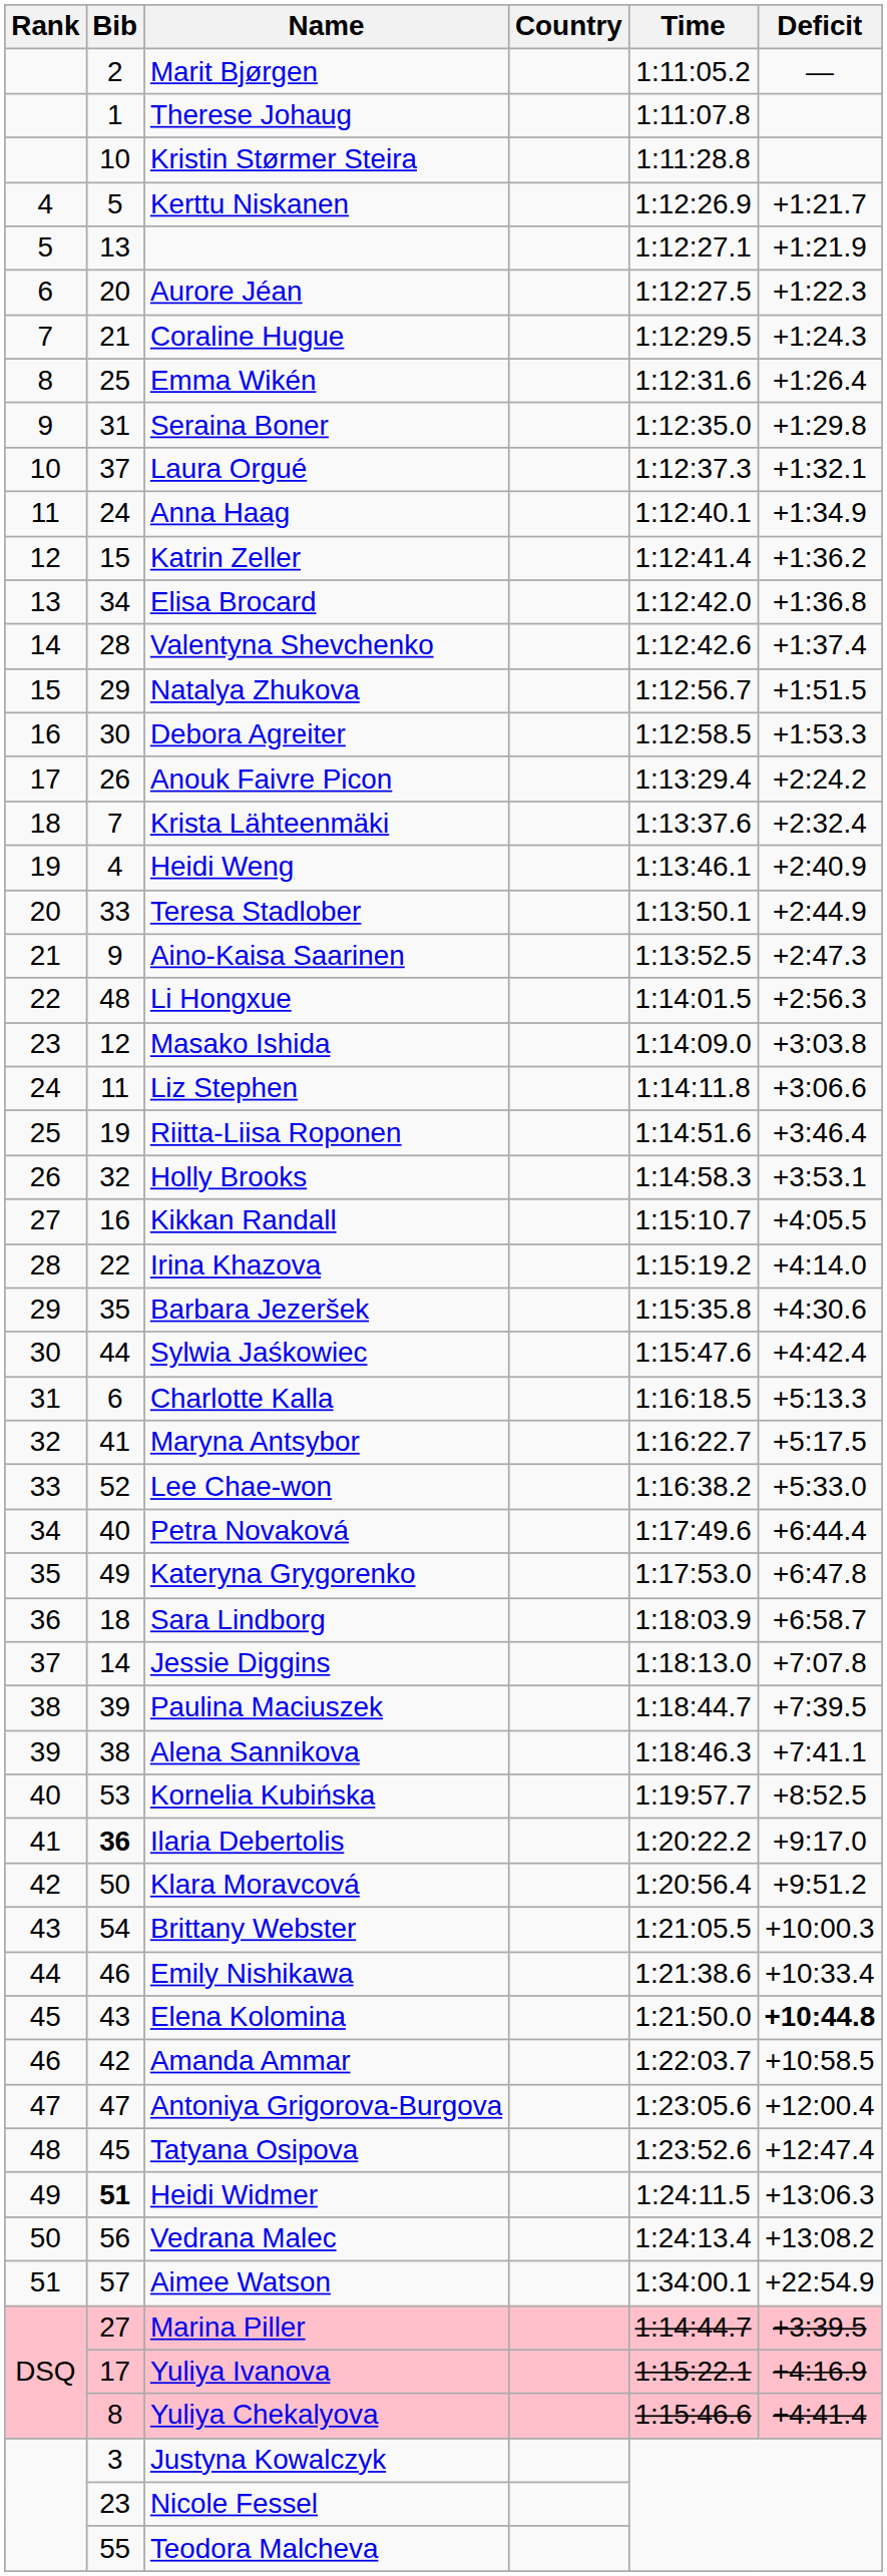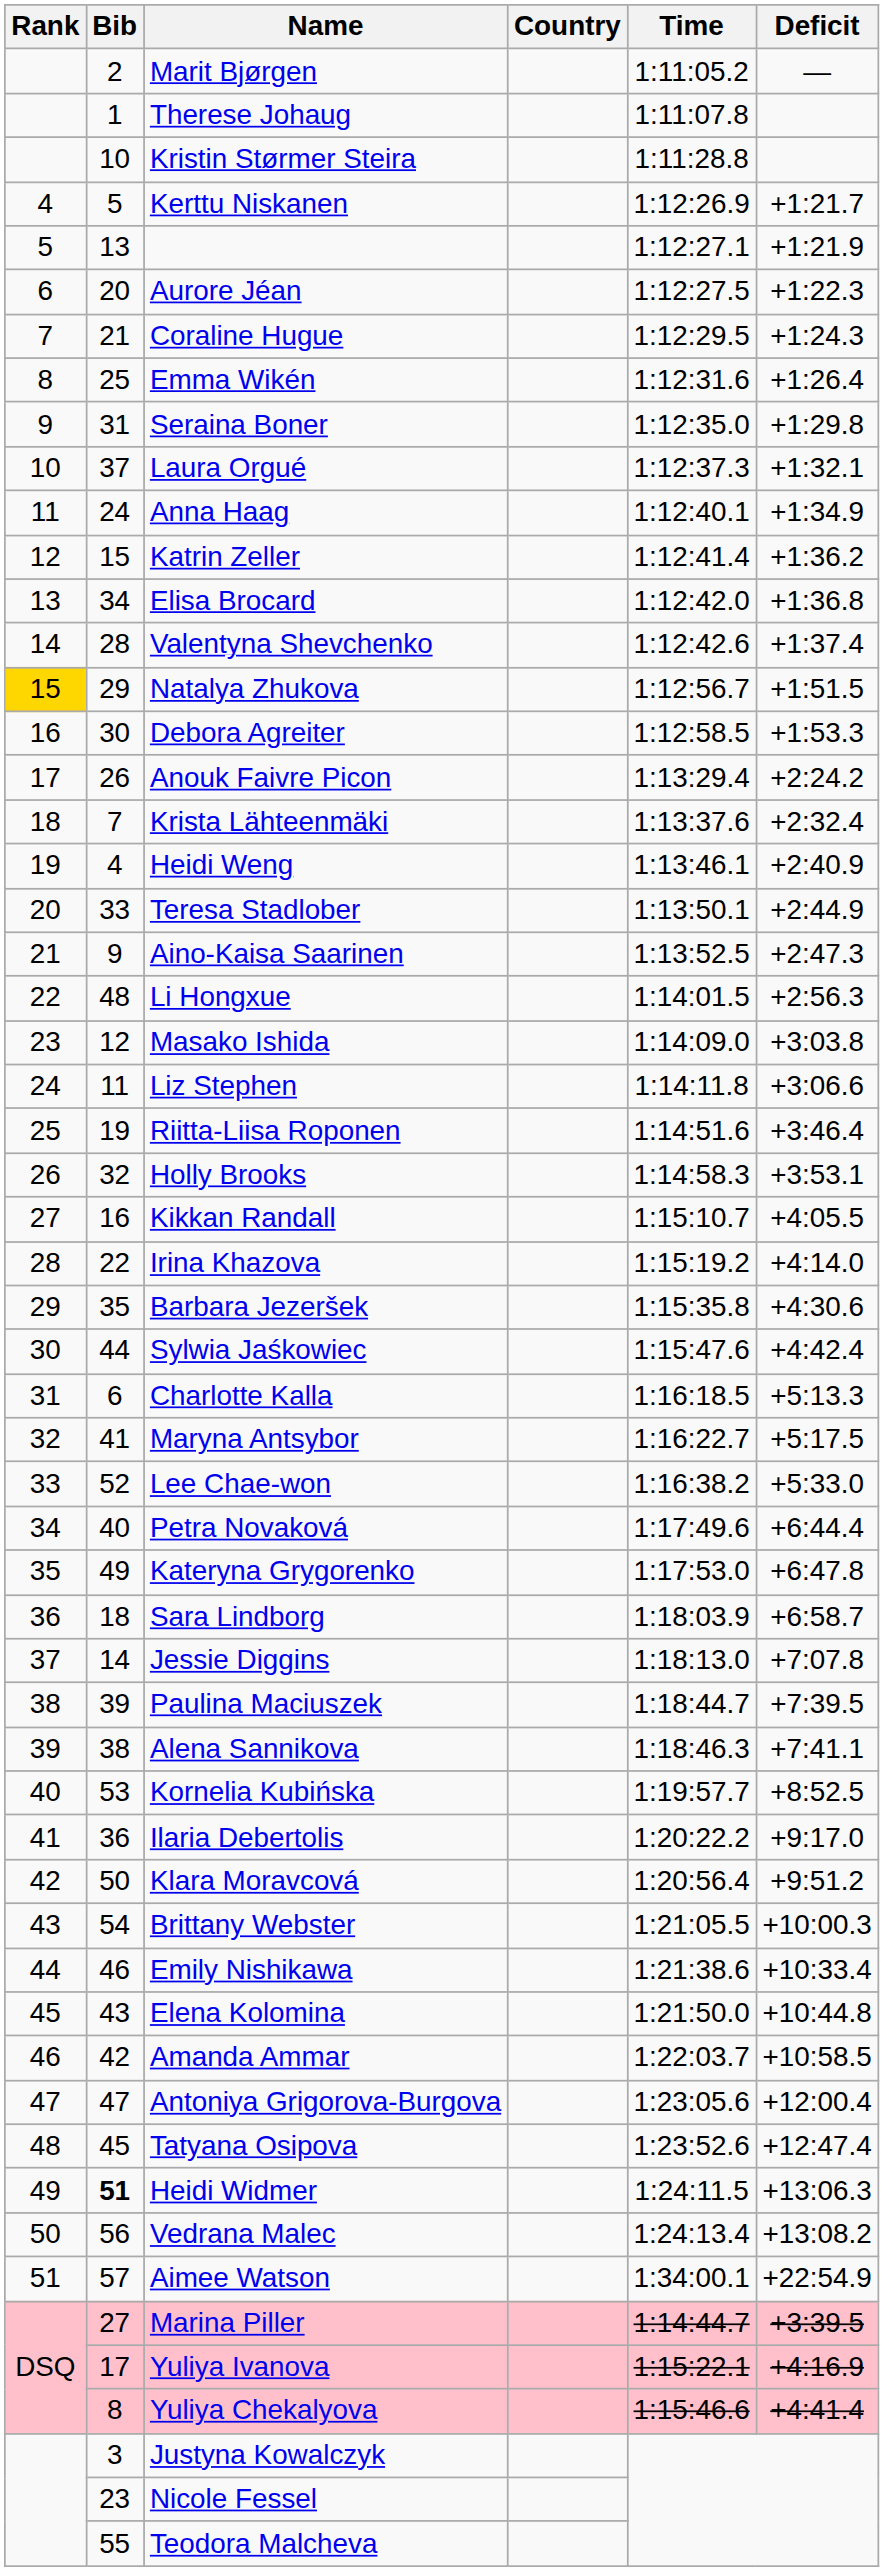 <table class="wikitable sortable" style="text-align:center">
 <tr>
 <th>Rank</th>
 <th>Bib</th>
 <th>Name</th>
 <th>Country</th>
 <th>Time</th>
 <th>Deficit</th>
 </tr>
 <tr>
 <td></td>
 <td>2</td>
 <td align=left><a href='#'>Marit Bjørgen</a></td>
 <td align=left></td>
 <td>1:11:05.2</td>
 <td>—</td>
 </tr>
 <tr>
 <td></td>
 <td>1</td>
 <td align=left><a href='#'>Therese Johaug</a></td>
 <td align=left></td>
 <td>1:11:07.8</td>
 <td></td>
 </tr>
 <tr>
 <td></td>
 <td>10</td>
 <td align=left><a href='#'>Kristin Størmer Steira</a></td>
 <td align=left></td>
 <td>1:11:28.8</td>
 <td></td>
 </tr>
 <tr>
 <td>4</td>
 <td>5</td>
 <td align=left><a href='#'>Kerttu Niskanen</a></td>
 <td align=left></td>
 <td>1:12:26.9</td>
 <td>+1:21.7</td>
 </tr>
 <tr>
 <td>5</td>
 <td>13</td>
 <td align=left></td>
 <td align=left></td>
 <td>1:12:27.1</td>
 <td>+1:21.9</td>
 </tr>
 <tr>
 <td>6</td>
 <td>20</td>
 <td align=left><a href='#'>Aurore Jéan</a></td>
 <td align=left></td>
 <td>1:12:27.5</td>
 <td>+1:22.3</td>
 </tr>
 <tr>
 <td>7</td>
 <td>21</td>
 <td align=left><a href='#'>Coraline Hugue</a></td>
 <td align=left></td>
 <td>1:12:29.5</td>
 <td>+1:24.3</td>
 </tr>
 <tr>
 <td>8</td>
 <td>25</td>
 <td align=left><a href='#'>Emma Wikén</a></td>
 <td align=left></td>
 <td>1:12:31.6</td>
 <td>+1:26.4</td>
 </tr>
 <tr>
 <td>9</td>
 <td>31</td>
 <td align=left><a href='#'>Seraina Boner</a></td>
 <td align=left></td>
 <td>1:12:35.0</td>
 <td>+1:29.8</td>
 </tr>
 <tr>
 <td>10</td>
 <td>37</td>
 <td align=left><a href='#'>Laura Orgué</a></td>
 <td align=left></td>
 <td>1:12:37.3</td>
 <td>+1:32.1</td>
 </tr>
 <tr>
 <td>11</td>
 <td>24</td>
 <td align=left><a href='#'>Anna Haag</a></td>
 <td align=left></td>
 <td>1:12:40.1</td>
 <td>+1:34.9</td>
 </tr>
 <tr>
 <td>12</td>
 <td>15</td>
 <td align=left><a href='#'>Katrin Zeller</a></td>
 <td align=left></td>
 <td>1:12:41.4</td>
 <td>+1:36.2</td>
 </tr>
 <tr>
 <td>13</td>
 <td>34</td>
 <td align=left><a href='#'>Elisa Brocard</a></td>
 <td align=left></td>
 <td>1:12:42.0</td>
 <td>+1:36.8</td>
 </tr>
 <tr>
 <td>14</td>
 <td>28</td>
 <td align=left><a href='#'>Valentyna Shevchenko</a></td>
 <td align=left></td>
 <td>1:12:42.6</td>
 <td>+1:37.4</td>
 </tr>
 <tr>
-<td>15</td>
+<td style="background: gold;">15</td>
 <td>29</td>
 <td align=left><a href='#'>Natalya Zhukova</a></td>
 <td align=left></td>
 <td>1:12:56.7</td>
 <td>+1:51.5</td>
 </tr>
 <tr>
 <td>16</td>
 <td>30</td>
 <td align=left><a href='#'>Debora Agreiter</a></td>
 <td align=left></td>
 <td>1:12:58.5</td>
 <td>+1:53.3</td>
 </tr>
 <tr>
 <td>17</td>
 <td>26</td>
 <td align=left><a href='#'>Anouk Faivre Picon</a></td>
 <td align=left></td>
 <td>1:13:29.4</td>
 <td>+2:24.2</td>
 </tr>
 <tr>
 <td>18</td>
 <td>7</td>
 <td align=left><a href='#'>Krista Lähteenmäki</a></td>
 <td align=left></td>
 <td>1:13:37.6</td>
 <td>+2:32.4</td>
 </tr>
 <tr>
 <td>19</td>
 <td>4</td>
 <td align=left><a href='#'>Heidi Weng</a></td>
 <td align=left></td>
 <td>1:13:46.1</td>
 <td>+2:40.9</td>
 </tr>
 <tr>
 <td>20</td>
 <td>33</td>
 <td align=left><a href='#'>Teresa Stadlober</a></td>
 <td align=left></td>
 <td>1:13:50.1</td>
 <td>+2:44.9</td>
 </tr>
 <tr>
 <td>21</td>
 <td>9</td>
 <td align=left><a href='#'>Aino-Kaisa Saarinen</a></td>
 <td align=left></td>
 <td>1:13:52.5</td>
 <td>+2:47.3</td>
 </tr>
 <tr>
 <td>22</td>
 <td>48</td>
 <td align=left><a href='#'>Li Hongxue</a></td>
 <td align=left></td>
 <td>1:14:01.5</td>
 <td>+2:56.3</td>
 </tr>
 <tr>
 <td>23</td>
 <td>12</td>
 <td align=left><a href='#'>Masako Ishida</a></td>
 <td align=left></td>
 <td>1:14:09.0</td>
 <td>+3:03.8</td>
 </tr>
 <tr>
 <td>24</td>
 <td>11</td>
 <td align=left><a href='#'>Liz Stephen</a></td>
 <td align=left></td>
 <td>1:14:11.8</td>
 <td>+3:06.6</td>
 </tr>
 <tr>
 <td>25</td>
 <td>19</td>
 <td align=left><a href='#'>Riitta-Liisa Roponen</a></td>
 <td align=left></td>
 <td>1:14:51.6</td>
 <td>+3:46.4</td>
 </tr>
 <tr>
 <td>26</td>
 <td>32</td>
 <td align=left><a href='#'>Holly Brooks</a></td>
 <td align=left></td>
 <td>1:14:58.3</td>
 <td>+3:53.1</td>
 </tr>
 <tr>
 <td>27</td>
 <td>16</td>
 <td align=left><a href='#'>Kikkan Randall</a></td>
 <td align=left></td>
 <td>1:15:10.7</td>
 <td>+4:05.5</td>
 </tr>
 <tr>
 <td>28</td>
 <td>22</td>
 <td align=left><a href='#'>Irina Khazova</a></td>
 <td align=left></td>
 <td>1:15:19.2</td>
 <td>+4:14.0</td>
 </tr>
 <tr>
 <td>29</td>
 <td>35</td>
 <td align=left><a href='#'>Barbara Jezeršek</a></td>
 <td align=left></td>
 <td>1:15:35.8</td>
 <td>+4:30.6</td>
 </tr>
 <tr>
 <td>30</td>
 <td>44</td>
 <td align=left><a href='#'>Sylwia Jaśkowiec</a></td>
 <td align=left></td>
 <td>1:15:47.6</td>
 <td>+4:42.4</td>
 </tr>
 <tr>
 <td>31</td>
 <td>6</td>
 <td align=left><a href='#'>Charlotte Kalla</a></td>
 <td align=left></td>
 <td>1:16:18.5</td>
 <td>+5:13.3</td>
 </tr>
 <tr>
 <td>32</td>
 <td>41</td>
 <td align=left><a href='#'>Maryna Antsybor</a></td>
 <td align=left></td>
 <td>1:16:22.7</td>
 <td>+5:17.5</td>
 </tr>
 <tr>
 <td>33</td>
 <td>52</td>
 <td align=left><a href='#'>Lee Chae-won</a></td>
 <td align=left></td>
 <td>1:16:38.2</td>
 <td>+5:33.0</td>
 </tr>
 <tr>
 <td>34</td>
 <td>40</td>
 <td align=left><a href='#'>Petra Novaková</a></td>
 <td align=left></td>
 <td>1:17:49.6</td>
 <td>+6:44.4</td>
 </tr>
 <tr>
 <td>35</td>
 <td>49</td>
 <td align=left><a href='#'>Kateryna Grygorenko</a></td>
 <td align=left></td>
 <td>1:17:53.0</td>
 <td>+6:47.8</td>
 </tr>
 <tr>
 <td>36</td>
 <td>18</td>
 <td align=left><a href='#'>Sara Lindborg</a></td>
 <td align=left></td>
 <td>1:18:03.9</td>
 <td>+6:58.7</td>
 </tr>
 <tr>
 <td>37</td>
 <td>14</td>
 <td align=left><a href='#'>Jessie Diggins</a></td>
 <td align=left></td>
 <td>1:18:13.0</td>
 <td>+7:07.8</td>
 </tr>
 <tr>
 <td>38</td>
 <td>39</td>
 <td align=left><a href='#'>Paulina Maciuszek</a></td>
 <td align=left></td>
 <td>1:18:44.7</td>
 <td>+7:39.5</td>
 </tr>
 <tr>
 <td>39</td>
 <td>38</td>
 <td align=left><a href='#'>Alena Sannikova</a></td>
 <td align=left></td>
 <td>1:18:46.3</td>
 <td>+7:41.1</td>
 </tr>
 <tr>
 <td>40</td>
 <td>53</td>
 <td align=left><a href='#'>Kornelia Kubińska</a></td>
 <td align=left></td>
 <td>1:19:57.7</td>
 <td>+8:52.5</td>
 </tr>
 <tr>
 <td>41</td>
-<td><strong>36</strong></td>
+<td>36</td>
 <td align=left><a href='#'>Ilaria Debertolis</a></td>
 <td align=left></td>
 <td>1:20:22.2</td>
 <td>+9:17.0</td>
 </tr>
 <tr>
 <td>42</td>
 <td>50</td>
 <td align=left><a href='#'>Klara Moravcová</a></td>
 <td align=left></td>
 <td>1:20:56.4</td>
 <td>+9:51.2</td>
 </tr>
 <tr>
 <td>43</td>
 <td>54</td>
 <td align=left><a href='#'>Brittany Webster</a></td>
 <td align=left></td>
 <td>1:21:05.5</td>
 <td>+10:00.3</td>
 </tr>
 <tr>
 <td>44</td>
 <td>46</td>
 <td align=left><a href='#'>Emily Nishikawa</a></td>
 <td align=left></td>
 <td>1:21:38.6</td>
 <td>+10:33.4</td>
 </tr>
 <tr>
 <td>45</td>
 <td>43</td>
 <td align=left><a href='#'>Elena Kolomina</a></td>
 <td align=left></td>
 <td>1:21:50.0</td>
-<td><strong>+10:44.8</strong></td>
+<td>+10:44.8</td>
 </tr>
 <tr>
 <td>46</td>
 <td>42</td>
 <td align=left><a href='#'>Amanda Ammar</a></td>
 <td align=left></td>
 <td>1:22:03.7</td>
 <td>+10:58.5</td>
 </tr>
 <tr>
 <td>47</td>
 <td>47</td>
 <td align=left><a href='#'>Antoniya Grigorova-Burgova</a></td>
 <td align=left></td>
 <td>1:23:05.6</td>
 <td>+12:00.4</td>
 </tr>
 <tr>
 <td>48</td>
 <td>45</td>
 <td align=left><a href='#'>Tatyana Osipova</a></td>
 <td align=left></td>
 <td>1:23:52.6</td>
 <td>+12:47.4</td>
 </tr>
 <tr>
 <td>49</td>
 <td><strong>51</strong></td>
 <td align=left><a href='#'>Heidi Widmer</a></td>
 <td align=left></td>
 <td>1:24:11.5</td>
 <td>+13:06.3</td>
 </tr>
 <tr>
 <td>50</td>
 <td>56</td>
 <td align=left><a href='#'>Vedrana Malec</a></td>
 <td align=left></td>
 <td>1:24:13.4</td>
 <td>+13:08.2</td>
 </tr>
 <tr>
 <td>51</td>
 <td>57</td>
 <td align=left><a href='#'>Aimee Watson</a></td>
 <td align=left></td>
 <td>1:34:00.1</td>
 <td>+22:54.9</td>
 </tr>
 <tr bgcolor=pink>
 <td rowspan=3>DSQ</td>
 <td>27</td>
 <td align=left><a href='#'>Marina Piller</a></td>
 <td align=left></td>
 <td><s>1:14:44.7</s></td>
 <td><s>+3:39.5</s></td>
 </tr>
 <tr bgcolor=pink>
 <td>17</td>
 <td align=left><a href='#'>Yuliya Ivanova</a></td>
 <td align=left></td>
 <td><s>1:15:22.1</s></td>
 <td><s>+4:16.9</s></td>
 </tr>
 <tr bgcolor=pink>
 <td>8</td>
 <td align=left><a href='#'>Yuliya Chekalyova</a></td>
 <td align=left></td>
 <td><s>1:15:46.6</s></td>
 <td><s>+4:41.4</s></td>
 </tr>
 <tr>
 <td rowspan=3></td>
 <td>3</td>
 <td align=left><a href='#'>Justyna Kowalczyk</a></td>
 <td align=left></td>
 <td colspan=2 rowspan=3></td>
 </tr>
 <tr>
 <td>23</td>
 <td align=left><a href='#'>Nicole Fessel</a></td>
 <td align=left></td>
 </tr>
 <tr>
 <td>55</td>
 <td align=left><a href='#'>Teodora Malcheva</a></td>
 <td align=left></td>
 </tr>
 </table>
